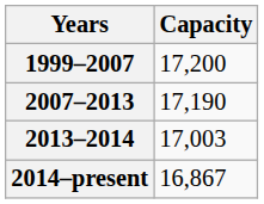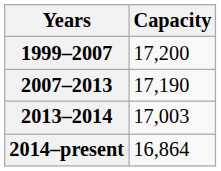 <table class="wikitable">
 <tr>
 <th>Years</th>
 <th>Capacity</th>
 </tr>
 <tr>
 <th>1999–2007</th>
 <td>17,200</td>
 </tr>
 <tr>
 <th>2007–2013</th>
 <td>17,190</td>
 </tr>
 <tr>
 <th>2013–2014</th>
 <td>17,003</td>
 </tr>
 <tr>
 <th>2014–present</th>
-<td>16,867</td>
+<td>16,864</td>
 </tr>
 </table>
